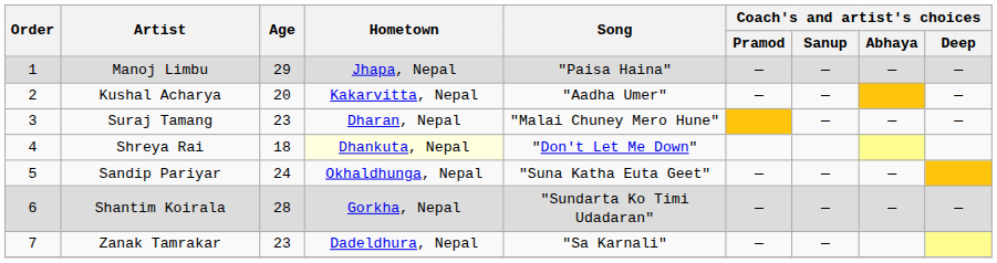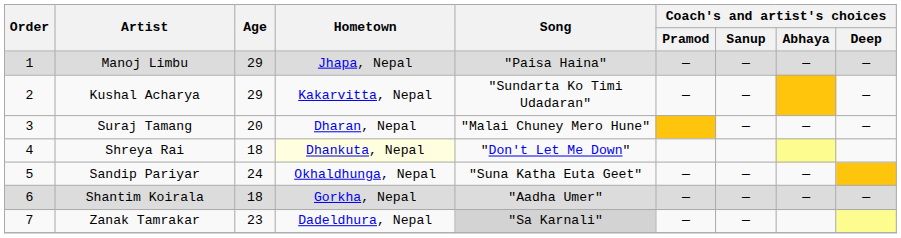 <table class="wikitable plainrowheaders" style="text-align:center; line-height:17px; width:100%;">
 <tr>
 <th scope="col" rowspan="2" style="width:04%;">Order</th>
 <th scope="col" rowspan="2" style="width:18%;">Artist</th>
 <th scope="col" rowspan="2" style="width:04%;">Age</th>
 <th scope="col" rowspan="2" style="width:18%;">Hometown</th>
 <th scope="col" rowspan="2" style="width:20%;">Song</th>
 <th colspan="4">Coach's and artist's choices</th>
 </tr>
 <tr>
 <th scope="col" style="width:06%;">Pramod</th>
 <th scope="col" style="width:06%;">Sanup</th>
 <th scope="col" style="width:06%;">Abhaya</th>
 <th scope="col" style="width:06%;">Deep</th>
 </tr>
 <tr style="background:#DCDCDC;">
 <td scope="row">1</td>
 <td>Manoj Limbu</td>
 <td>29</td>
 <td><a href='#'>Jhapa</a>, Nepal</td>
 <td>"Paisa Haina"</td>
 <td>—</td>
 <td>—</td>
 <td>—</td>
 <td>—</td>
 </tr>
 <tr>
 <td scope="row">2</td>
 <td>Kushal Acharya</td>
-<td>20</td>
+<td>29</td>
 <td><a href='#'>Kakarvitta</a>, Nepal</td>
-<td>"Aadha Umer"</td>
+<td>"Sundarta Ko Timi Udadaran"</td>
 <td>—</td>
 <td>—</td>
 <td style="background:#ffc40c; "><strong></strong></td>
 <td>—</td>
 </tr>
 <tr>
 <td scope="row">3</td>
 <td>Suraj Tamang</td>
-<td>23</td>
+<td>20</td>
 <td><a href='#'>Dharan</a>, Nepal</td>
 <td>"Malai Chuney Mero Hune"</td>
 <td style="background:#ffc40c; "><strong></strong></td>
 <td>—</td>
 <td>—</td>
 <td>—</td>
 </tr>
 <tr>
 <td scope="row">4</td>
 <td>Shreya Rai</td>
 <td>18</td>
 <td style="background: lightyellow;"><a href='#'>Dhankuta</a>, Nepal</td>
 <td>"<a href='#'>Don't Let Me Down</a>"</td>
 <td><strong></strong></td>
 <td><strong></strong></td>
 <td style="background:#fdfc8f; "><strong></strong></td>
 <td><strong></strong></td>
 </tr>
 <tr>
 <td scope="row">5</td>
 <td>Sandip Pariyar</td>
 <td>24</td>
 <td><a href='#'>Okhaldhunga</a>, Nepal</td>
 <td>"Suna Katha Euta Geet"</td>
 <td>—</td>
 <td>—</td>
 <td>—</td>
 <td style="background:#ffc40c;"><strong></strong></td>
 </tr>
 <tr style="background:#DCDCDC;">
 <td scope="row">6</td>
 <td>Shantim Koirala</td>
-<td>28</td>
+<td>18</td>
 <td><a href='#'>Gorkha</a>, Nepal</td>
-<td>"Sundarta Ko Timi Udadaran"</td>
+<td>"Aadha Umer"</td>
 <td>—</td>
 <td>—</td>
 <td>—</td>
 <td>—</td>
 </tr>
 <tr>
 <td scope="row">7</td>
 <td>Zanak Tamrakar</td>
 <td>23</td>
 <td><a href='#'>Dadeldhura</a>, Nepal</td>
-<td>"Sa Karnali"</td>
+<td style="background: lightgrey;">"Sa Karnali"</td>
 <td>—</td>
 <td>—</td>
 <td><strong></strong></td>
 <td style="background:#fdfc8f; "><strong></strong></td>
 </tr>
 <tr>
 </tr>
 </table>
